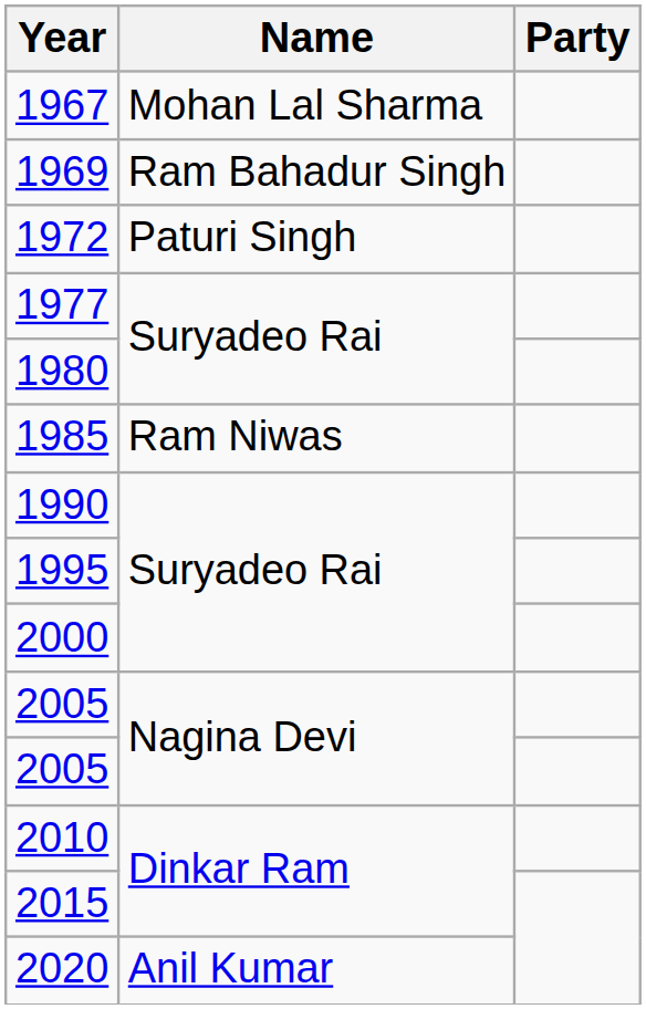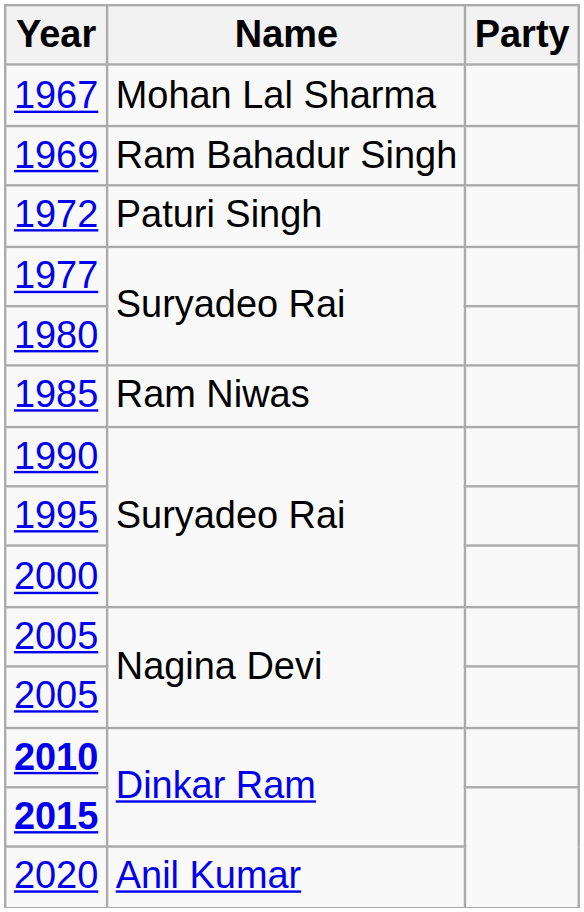 <table class="wikitable sortable">
 <tr>
 <th>Year</th>
 <th>Name</th>
 <th colspan="2">Party</th>
 </tr>
 <tr>
 <td><a href='#'>1967</a></td>
 <td>Mohan Lal Sharma</td>
 <td></td>
 </tr>
 <tr>
 <td><a href='#'>1969</a></td>
 <td>Ram Bahadur Singh</td>
 <td></td>
 </tr>
 <tr>
 <td><a href='#'>1972</a></td>
 <td>Paturi Singh</td>
 <td></td>
 </tr>
 <tr>
 <td><a href='#'>1977</a></td>
 <td rowspan="2">Suryadeo Rai</td>
 <td></td>
 </tr>
 <tr>
 <td><a href='#'>1980</a></td>
 <td></td>
 </tr>
 <tr>
 <td><a href='#'>1985</a></td>
 <td>Ram Niwas</td>
 <td></td>
 </tr>
 <tr>
 <td><a href='#'>1990</a></td>
 <td rowspan="3">Suryadeo Rai</td>
 <td></td>
 </tr>
 <tr>
 <td><a href='#'>1995</a></td>
 </tr>
 <tr>
 <td><a href='#'>2000</a></td>
 <td></td>
 </tr>
 <tr>
 <td><a href='#'>2005</a></td>
 <td rowspan="2">Nagina Devi</td>
 <td></td>
 </tr>
 <tr>
 <td><a href='#'>2005</a></td>
 </tr>
 <tr>
-<td><a href='#'>2010</a></td>
+<td><strong><a href='#'>2010</a></strong></td>
 <td rowspan="2"><a href='#'>Dinkar Ram</a></td>
 <td></td>
 </tr>
 <tr>
-<td><a href='#'>2015</a></td>
+<td><strong><a href='#'>2015</a></strong></td>
 </tr>
 <tr>
 <td><a href='#'>2020</a></td>
 <td><a href='#'>Anil Kumar</a></td>
 </tr>
 </table>
